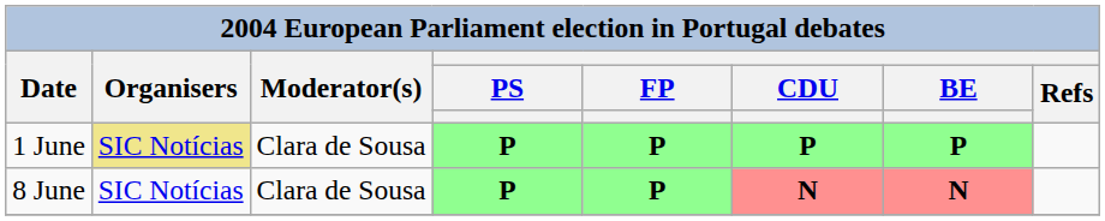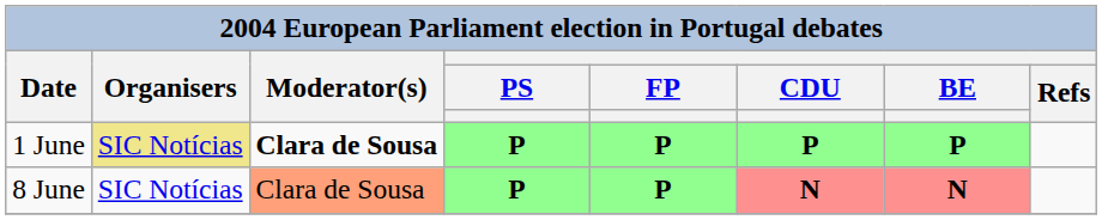 <table class="wikitable" style="font-size:98%; text-align:center;">
 <tr>
 <th style="background:#B0C4DE" colspan="18">2004 European Parliament election in Portugal debates</th>
 </tr>
 <tr>
 <th rowspan="3">Date</th>
 <th rowspan="3">Organisers</th>
 <th rowspan="3">Moderator(s)</th>
 <th colspan="19">      </th>
 </tr>
 <tr>
 <th scope="col" style="width:5em;"><a href='#'>PS</a><br></th>
 <th scope="col" style="width:5em;"><a href='#'>FP</a><br></th>
 <th scope="col" style="width:5em;"><a href='#'>CDU</a><br></th>
 <th scope="col" style="width:5em;"><a href='#'>BE</a><br></th>
 <th rowspan="2">Refs</th>
 </tr>
 <tr>
 <th style="color:inherit;background:"></th>
 <th style="color:inherit;background:"></th>
 <th style="color:inherit;background:"></th>
 <th style="color:inherit;background:"></th>
 </tr>
 <tr>
 <td style="white-space:nowrap; text-align:left;">1 June</td>
 <td style="background: khaki; white-space:nowrap; text-align:left;"><a href='#'>SIC Notícias</a></td>
-<td style="white-space:nowrap; text-align:left;">Clara de Sousa</td>
+<td style="white-space:nowrap; text-align:left;"><strong>Clara de Sousa</strong></td>
 <td style="background:#90FF90;"><strong>P</strong></td>
 <td style="background:#90FF90;"><strong>P</strong></td>
 <td style="background:#90FF90;"><strong>P</strong></td>
 <td style="background:#90FF90;"><strong>P</strong></td>
 <td></td>
 </tr>
 <tr>
 <td style="white-space:nowrap; text-align:left;">8 June</td>
 <td style="white-space:nowrap; text-align:left;"><a href='#'>SIC Notícias</a></td>
-<td style="white-space:nowrap; text-align:left;">Clara de Sousa</td>
+<td style="background: lightsalmon; white-space:nowrap; text-align:left;">Clara de Sousa</td>
 <td style="background:#90FF90;"><strong>P</strong></td>
 <td style="background:#90FF90;"><strong>P</strong></td>
 <td style="background:#FF9090;"><strong>N</strong></td>
 <td style="background:#FF9090;"><strong>N</strong></td>
 <td></td>
 </tr>
 <tr>
 </tr>
 </table>
